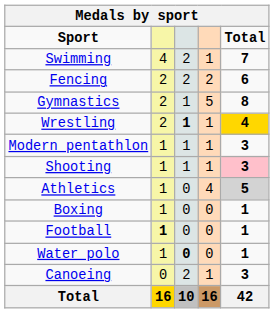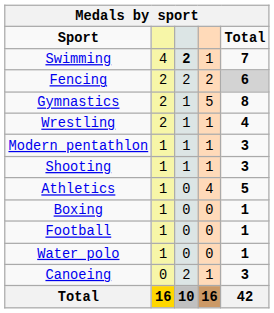 <table class="wikitable" style="font-size:85%; float:right;">
 <tr style="background:#efefef;">
 <th colspan=7>Medals by sport</th>
 </tr>
 <tr style="text-align:center">
 <td><strong>Sport</strong></td>
 <td bgcolor=#f7f6a8></td>
 <td bgcolor=#dce5e5></td>
 <td bgcolor=#ffdab9></td>
 <td><strong>Total</strong></td>
 </tr>
 <tr style="text-align:center">
 <td><a href='#'>Swimming</a></td>
 <td bgcolor=F7F6A8>4</td>
-<td bgcolor=DCE5E5>2</td>
+<td bgcolor=DCE5E5><strong>2</strong></td>
 <td bgcolor=FFDAB9>1</td>
 <td><strong>7</strong></td>
 </tr>
 <tr style="text-align:center">
 <td><a href='#'>Fencing</a></td>
 <td bgcolor=F7F6A8>2</td>
 <td bgcolor=DCE5E5>2</td>
 <td bgcolor=FFDAB9>2</td>
-<td><strong>6</strong></td>
+<td style="background: lightgrey;"><strong>6</strong></td>
 </tr>
 <tr style="text-align:center">
 <td><a href='#'>Gymnastics</a></td>
 <td bgcolor=F7F6A8>2</td>
 <td bgcolor=DCE5E5>1</td>
 <td bgcolor=FFDAB9>5</td>
 <td><strong>8</strong></td>
 </tr>
 <tr style="text-align:center">
 <td><a href='#'>Wrestling</a></td>
 <td bgcolor=F7F6A8>2</td>
-<td bgcolor=DCE5E5><strong>1</strong></td>
+<td bgcolor=DCE5E5>1</td>
 <td bgcolor=FFDAB9>1</td>
-<td style="background: gold;"><strong>4</strong></td>
+<td><strong>4</strong></td>
 </tr>
 <tr style="text-align:center">
 <td><a href='#'>Modern pentathlon</a></td>
 <td bgcolor=F7F6A8>1</td>
 <td bgcolor=DCE5E5>1</td>
 <td bgcolor=FFDAB9>1</td>
 <td><strong>3</strong></td>
 </tr>
 <tr style="text-align:center">
 <td><a href='#'>Shooting</a></td>
 <td bgcolor=F7F6A8>1</td>
 <td bgcolor=DCE5E5>1</td>
 <td bgcolor=FFDAB9>1</td>
-<td style="background: pink;"><strong>3</strong></td>
+<td><strong>3</strong></td>
 </tr>
 <tr style="text-align:center">
 <td><a href='#'>Athletics</a></td>
 <td bgcolor=F7F6A8>1</td>
 <td bgcolor=DCE5E5>0</td>
 <td bgcolor=FFDAB9>4</td>
-<td style="background: lightgrey;"><strong>5</strong></td>
+<td><strong>5</strong></td>
 </tr>
 <tr style="text-align:center">
 <td><a href='#'>Boxing</a></td>
 <td bgcolor=F7F6A8>1</td>
 <td bgcolor=DCE5E5>0</td>
 <td bgcolor=FFDAB9>0</td>
 <td><strong>1</strong></td>
 </tr>
 <tr style="text-align:center">
 <td><a href='#'>Football</a></td>
-<td bgcolor=F7F6A8><strong>1</strong></td>
+<td bgcolor=F7F6A8>1</td>
 <td bgcolor=DCE5E5>0</td>
 <td bgcolor=FFDAB9>0</td>
 <td><strong>1</strong></td>
 </tr>
 <tr style="text-align:center">
 <td><a href='#'>Water polo</a></td>
 <td bgcolor=F7F6A8>1</td>
-<td bgcolor=DCE5E5><strong>0</strong></td>
+<td bgcolor=DCE5E5>0</td>
 <td bgcolor=FFDAB9>0</td>
 <td><strong>1</strong></td>
 </tr>
 <tr style="text-align:center">
 <td><a href='#'>Canoeing</a></td>
 <td bgcolor=F7F6A8>0</td>
 <td bgcolor=DCE5E5>2</td>
 <td bgcolor=FFDAB9>1</td>
 <td><strong>3</strong></td>
 </tr>
 <tr style="text-align:center">
 <th>Total</th>
 <th style="background:gold">16</th>
 <th style="background:silver">10</th>
 <th style="background:#c96">16</th>
 <th>42</th>
 </tr>
 </table>
